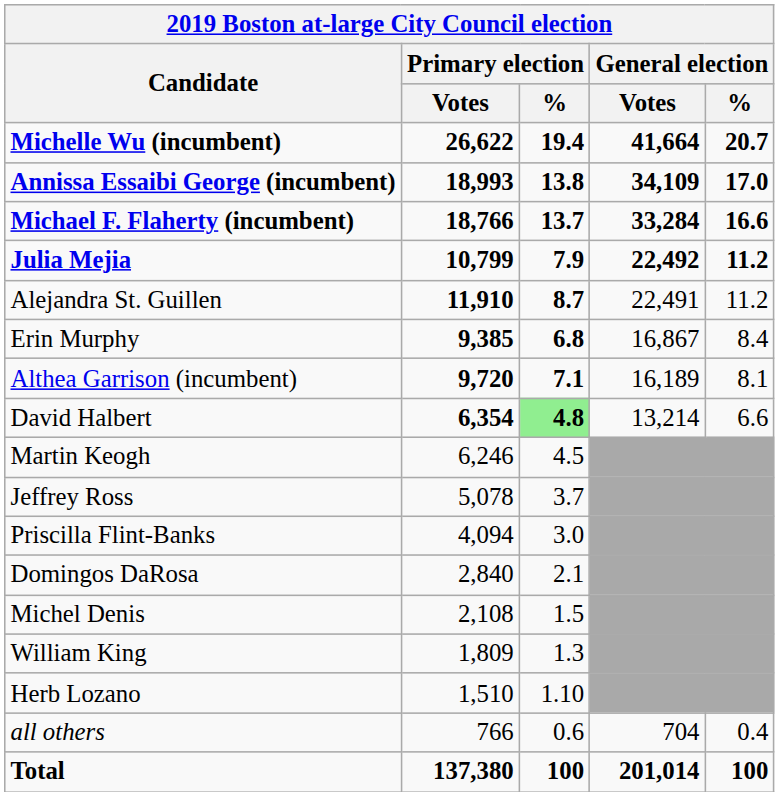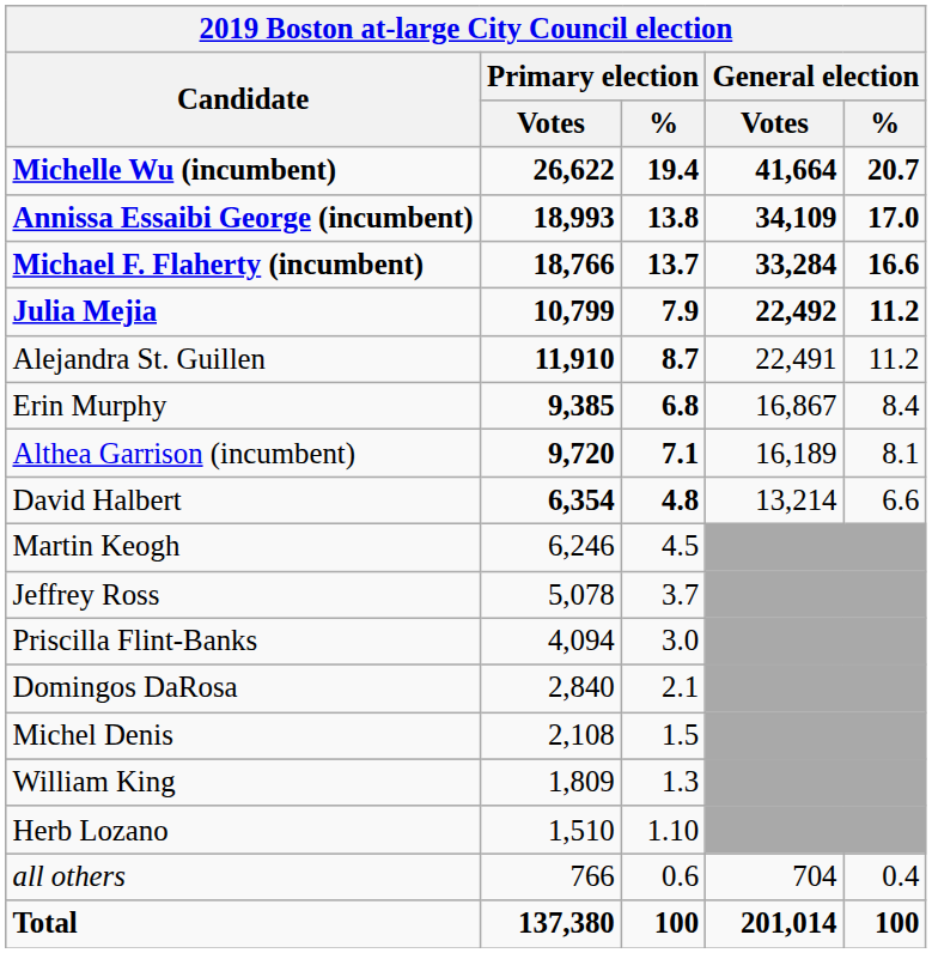 <table class=wikitable>
 <tr>
 <th colspan=5><a href='#'>2019 Boston at-large City Council election</a></th>
 </tr>
 <tr>
 <th colspan=1 rowspan=2>Candidate</th>
 <th colspan=2><strong>Primary election</strong></th>
 <th colspan=2><strong>General election</strong></th>
 </tr>
 <tr>
 <th>Votes</th>
 <th>%</th>
 <th>Votes</th>
 <th>%</th>
 </tr>
 <tr>
 <td><strong><a href='#'>Michelle Wu</a> (incumbent)</strong></td>
 <td align="right"><strong>26,622</strong></td>
 <td align="right"><strong>19.4</strong></td>
 <td align="right"><strong>41,664</strong></td>
 <td align="right"><strong>20.7</strong></td>
 </tr>
 <tr>
 <td><strong><a href='#'>Annissa Essaibi George</a> (incumbent)</strong></td>
 <td align="right"><strong>18,993</strong></td>
 <td align="right"><strong>13.8</strong></td>
 <td align="right"><strong>34,109</strong></td>
 <td align="right"><strong>17.0</strong></td>
 </tr>
 <tr>
 <td><strong><a href='#'>Michael F. Flaherty</a> (incumbent)</strong></td>
 <td align="right"><strong>18,766</strong></td>
 <td align="right"><strong>13.7</strong></td>
 <td align="right"><strong>33,284</strong></td>
 <td align="right"><strong>16.6</strong></td>
 </tr>
 <tr>
 <td><strong><a href='#'>Julia Mejia</a></strong></td>
 <td align="right"><strong>10,799</strong></td>
 <td align="right"><strong>7.9</strong></td>
 <td align="right"><strong>22,492</strong></td>
 <td align="right"><strong>11.2</strong></td>
 </tr>
 <tr>
 <td>Alejandra St. Guillen</td>
 <td align="right"><strong>11,910</strong></td>
 <td align="right"><strong>8.7</strong></td>
 <td align="right">22,491</td>
 <td align="right">11.2</td>
 </tr>
 <tr>
 <td>Erin Murphy</td>
 <td align="right"><strong>9,385</strong></td>
 <td align="right"><strong>6.8</strong></td>
 <td align="right">16,867</td>
 <td align="right">8.4</td>
 </tr>
 <tr>
 <td><a href='#'>Althea Garrison</a> (incumbent)</td>
 <td align="right"><strong>9,720</strong></td>
 <td align="right"><strong>7.1</strong></td>
 <td align="right">16,189</td>
 <td align="right">8.1</td>
 </tr>
 <tr>
 <td>David Halbert</td>
 <td align="right"><strong>6,354</strong></td>
-<td align="right" style="background: lightgreen;"><strong>4.8</strong></td>
+<td align="right"><strong>4.8</strong></td>
 <td align="right">13,214</td>
 <td align="right">6.6</td>
 </tr>
 <tr>
 <td>Martin Keogh</td>
 <td align="right">6,246</td>
 <td align="right">4.5</td>
 <td colspan=2 bgcolor=darkgray> </td>
 </tr>
 <tr>
 <td>Jeffrey Ross</td>
 <td align="right">5,078</td>
 <td align="right">3.7</td>
 <td colspan=2 bgcolor=darkgray> </td>
 </tr>
 <tr>
 <td>Priscilla Flint-Banks</td>
 <td align="right">4,094</td>
 <td align="right">3.0</td>
 <td colspan=2 bgcolor=darkgray> </td>
 </tr>
 <tr>
 <td>Domingos DaRosa</td>
 <td align="right">2,840</td>
 <td align="right">2.1</td>
 <td colspan=2 bgcolor=darkgray> </td>
 </tr>
 <tr>
 <td>Michel Denis</td>
 <td align="right">2,108</td>
 <td align="right">1.5</td>
 <td colspan=2 bgcolor=darkgray> </td>
 </tr>
 <tr>
 <td>William King</td>
 <td align="right">1,809</td>
 <td align="right">1.3</td>
 <td colspan=2 bgcolor=darkgray> </td>
 </tr>
 <tr>
 <td>Herb Lozano</td>
 <td align="right">1,510</td>
 <td align="right">1.10</td>
 <td colspan=2 bgcolor=darkgray> </td>
 </tr>
 <tr>
 <td><em>all others</em></td>
 <td align="right">766</td>
 <td align="right">0.6</td>
 <td align="right">704</td>
 <td align="right">0.4</td>
 </tr>
 <tr>
 <td><strong>Total</strong></td>
 <td align="right"><strong>137,380</strong></td>
 <td align="right"><strong>100</strong></td>
 <td align="right"><strong>201,014</strong></td>
 <td align="right"><strong>100</strong></td>
 </tr>
 </table>
